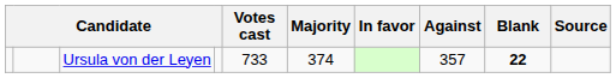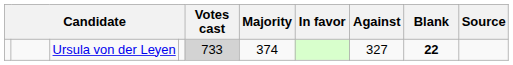 <table class="wikitable">
 <tr>
 <th colspan=4>Candidate</th>
 <th style="width:60px">Votes cast</th>
 <th style="width:60px">Majority</th>
 <th style="width:60px">In favor</th>
 <th style="width:60px">Against</th>
 <th style="width:60px">Blank</th>
 <th>Source</th>
 </tr>
 <tr>
 <td style="width:1px; background-color:"></td>
 <td style="width:40px"><strong></strong></td>
 <td><a href='#'>Ursula von der Leyen</a></td>
 <td></td>
-<td align="center">733</td>
+<td align="center" style="background: lightgrey;">733</td>
 <td align="center">374</td>
 <td align="center" style="background-color:#d8ffcc"><strong></strong></td>
-<td align="center">357</td>
+<td align="center">327</td>
 <td align="center"><strong>22</strong></td>
 <td></td>
 </tr>
 </table>
